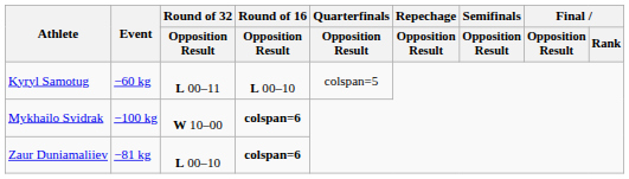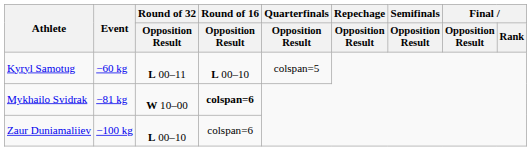 <table class="wikitable" style="font-size:90%">
 <tr>
 <th rowspan="2">Athlete</th>
 <th rowspan="2">Event</th>
 <th>Round of 32</th>
 <th>Round of 16</th>
 <th>Quarterfinals</th>
 <th>Repechage</th>
 <th>Semifinals</th>
 <th colspan=2>Final / </th>
 </tr>
 <tr style="font-size:95%">
 <th>Opposition<br>Result</th>
 <th>Opposition<br>Result</th>
 <th>Opposition<br>Result</th>
 <th>Opposition<br>Result</th>
 <th>Opposition<br>Result</th>
 <th>Opposition<br>Result</th>
 <th>Rank</th>
 </tr>
 <tr align=center>
 <td align=left><a href='#'>Kyryl Samotug</a></td>
 <td align=left><a href='#'>−60 kg</a></td>
 <td><br><strong>L</strong> 00–11</td>
 <td><br><strong>L</strong> 00–10</td>
 <td>colspan=5 </td>
 </tr>
 <tr align=center>
 <td align=left><a href='#'>Mykhailo Svidrak</a></td>
-<td align=left><a href='#'>−100 kg</a></td>
+<td align=left><a href='#'>−81 kg</a></td>
 <td><br><strong>W</strong> 10–00</td>
 <td><strong>colspan=6 </strong></td>
 </tr>
 <tr align=center>
 <td align=left><a href='#'>Zaur Duniamaliiev</a></td>
-<td align=left><a href='#'>−81 kg</a></td>
+<td align=left><a href='#'>−100 kg</a></td>
 <td><br><strong>L</strong> 00–10</td>
-<td><strong>colspan=6 </strong></td>
+<td>colspan=6 </td>
 </tr>
 </table>
